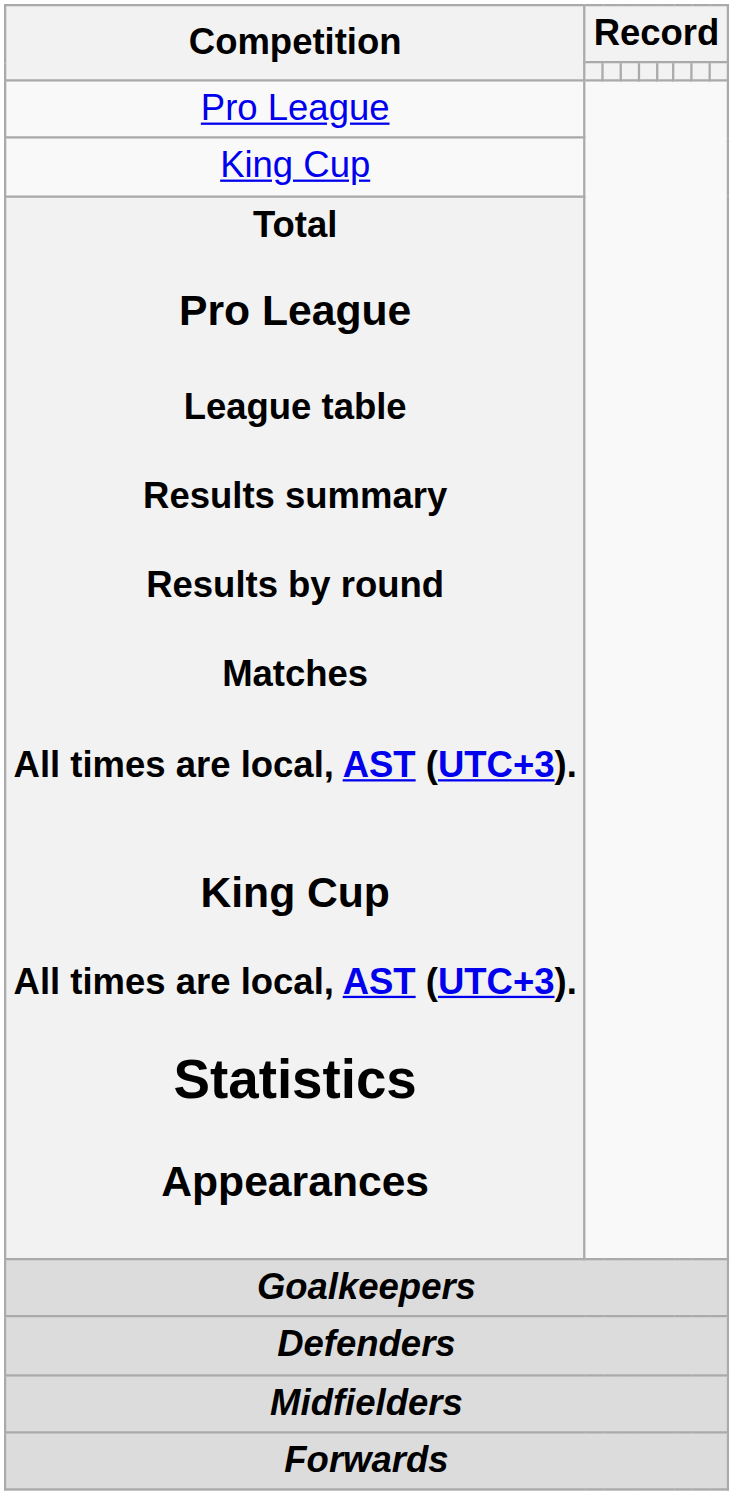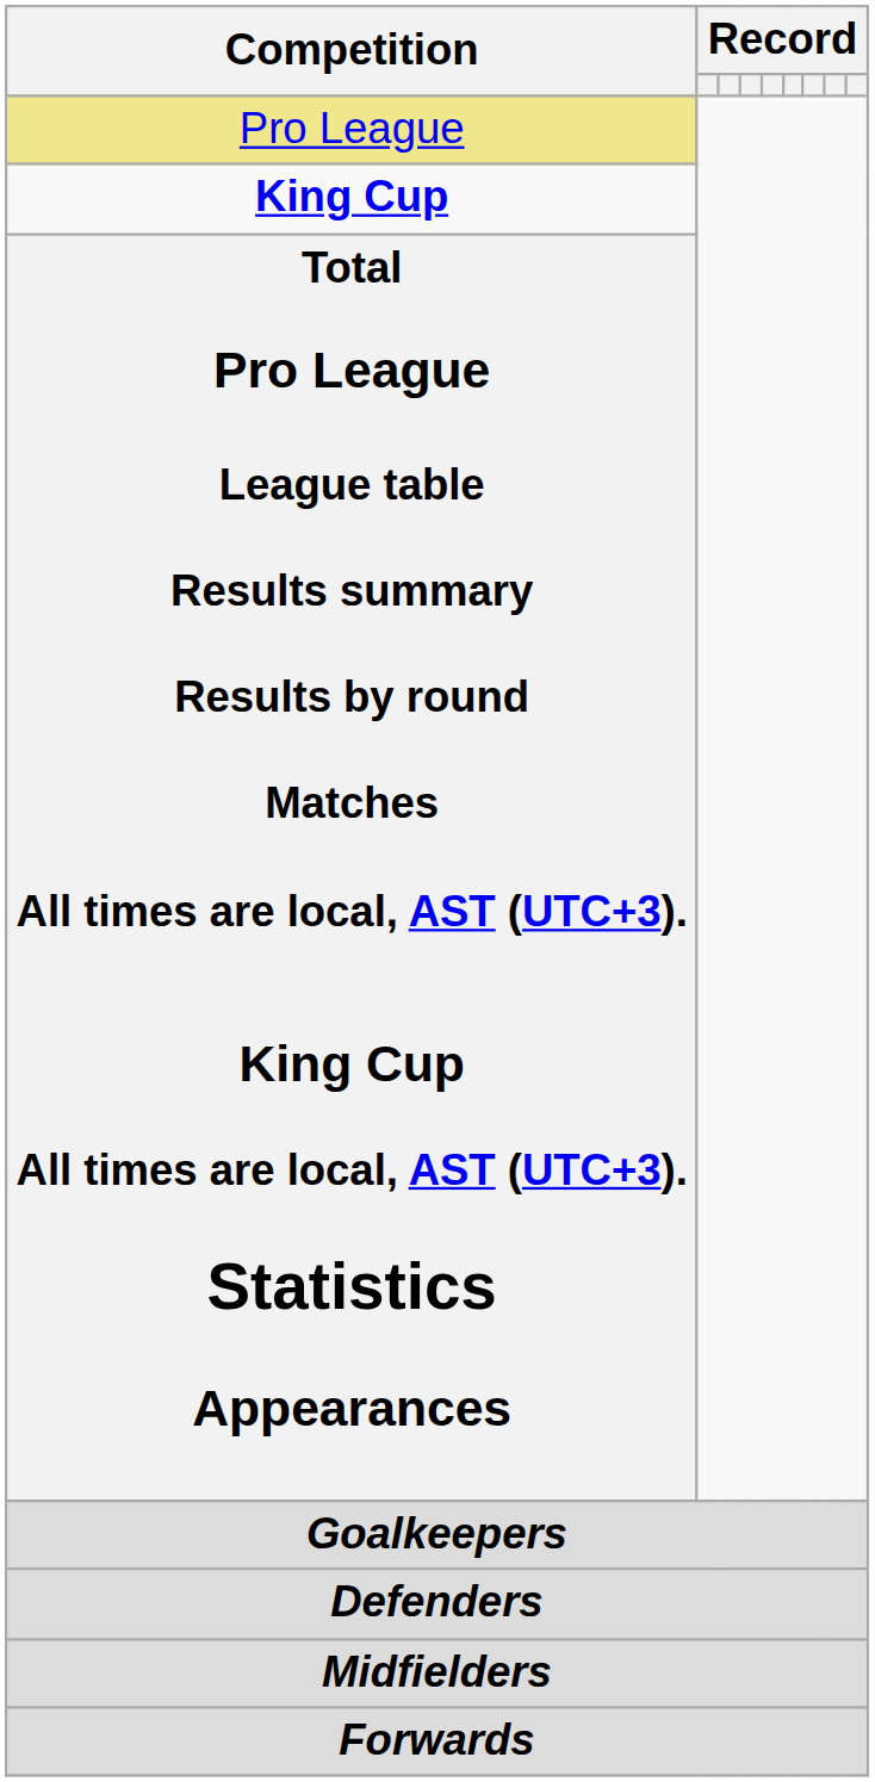 <table class="wikitable" style="text-align: center">
 <tr>
 <th rowspan=2>Competition</th>
 <th colspan=8>Record</th>
 </tr>
 <tr>
 <th></th>
 <th></th>
 <th></th>
 <th></th>
 <th></th>
 <th></th>
 <th></th>
 <th></th>
 </tr>
 <tr>
-<td><a href='#'>Pro League</a><br></td>
+<td style="background: khaki;"><a href='#'>Pro League</a><br></td>
 </tr>
 <tr>
-<td><a href='#'>King Cup</a><br></td>
+<td><strong><a href='#'>King Cup</a><br></strong></td>
 </tr>
 <tr>
 <th>Total<br> <h3>Pro League</h3><h4>League table</h4><h4>Results summary</h4> <h4>Results by round</h4><h4>Matches</h4>All times are local, <a href='#'>AST</a> (<a href='#'>UTC+3</a>).<br>   <br>                                 <h3>King Cup</h3> All times are local, <a href='#'>AST</a> (<a href='#'>UTC+3</a>).<br><h2>Statistics</h2><h3>Appearances</h3></th>
 </tr>
 <tr>
 <th colspan=10 style=background:#dcdcdc; text-align:center><em>Goalkeepers</em><br>  </th>
 </tr>
 <tr>
 <th colspan=10 style=background:#dcdcdc; text-align:center><em>Defenders</em><br>          </th>
 </tr>
 <tr>
 <th colspan=10 style=background:#dcdcdc; text-align:center><em>Midfielders</em><br>          </th>
 </tr>
 <tr>
 <th colspan=10 style=background:#dcdcdc; text-align:center><em>Forwards</em><br>     </th>
 </tr>
 </table>
